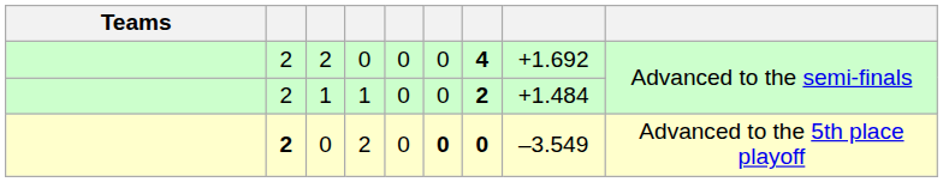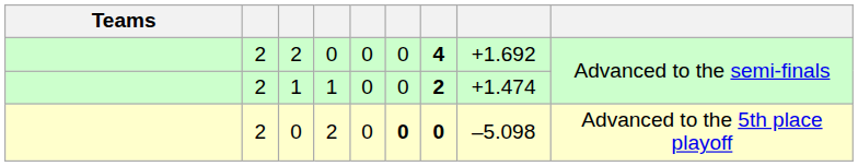 <table class="wikitable" style="text-align:center">
 <tr>
 <th style="width:175px;">Teams</th>
 <th style="width:20px;"></th>
 <th style="width:20px;"></th>
 <th style="width:20px;"></th>
 <th style="width:20px;"></th>
 <th style="width:20px;"></th>
 <th style="width:20px;"></th>
 <th style="width:65px;"></th>
 <th style="width:225px;"></th>
 </tr>
 <tr style="background:#cfc;">
 <td style="text-align:left"></td>
 <td>2</td>
 <td>2</td>
 <td>0</td>
 <td>0</td>
 <td>0</td>
 <td><strong>4</strong></td>
 <td>+1.692</td>
 <td rowspan="2">Advanced to the <a href='#'>semi-finals</a></td>
 </tr>
 <tr style="background:#cfc;">
 <td style="text-align:left"></td>
 <td>2</td>
 <td>1</td>
 <td>1</td>
 <td>0</td>
 <td>0</td>
 <td><strong>2</strong></td>
-<td>+1.484</td>
+<td>+1.474</td>
 </tr>
 <tr style="background:#ffc;">
 <td style="text-align:left"></td>
-<td><strong>2</strong></td>
+<td>2</td>
 <td>0</td>
 <td>2</td>
 <td>0</td>
 <td><strong>0</strong></td>
 <td><strong>0</strong></td>
-<td>–3.549</td>
+<td>–5.098</td>
 <td>Advanced to the <a href='#'>5th place playoff</a></td>
 </tr>
 </table>
